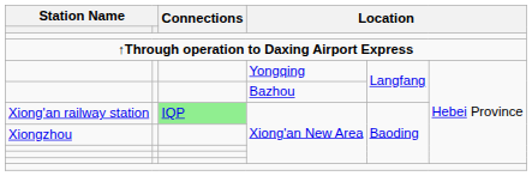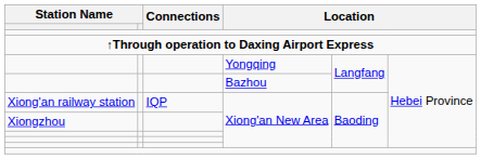 <table class="wikitable">
 <tr>
 <th colspan="2">Station Name</th>
 <th rowspan="2">Connections</th>
 <th colspan="3" rowspan="2">Location</th>
 </tr>
 <tr>
 <th></th>
 <th></th>
 </tr>
 <tr style="background:#">
 <td colspan = "9"></td>
 </tr>
 <tr>
 <td colspan = "9" align= "center"><strong>↑Through operation to Daxing Airport Express</strong></td>
 </tr>
 <tr>
 <td></td>
 <td></td>
 <td></td>
 <td><a href='#'>Yongqing</a></td>
 <td rowspan="2"><a href='#'>Langfang</a></td>
 <td rowspan="7"><a href='#'>Hebei</a> Province</td>
 </tr>
 <tr>
 <td></td>
 <td></td>
 <td></td>
 <td><a href='#'>Bazhou</a></td>
 </tr>
 <tr>
 <td><a href='#'>Xiong'an railway station</a></td>
 <td></td>
-<td style="background: lightgreen;"> <a href='#'>IQP</a></td>
+<td> <a href='#'>IQP</a></td>
 <td rowspan="5"><a href='#'>Xiong'an New Area</a></td>
 <td rowspan="5"><a href='#'>Baoding</a></td>
 </tr>
 <tr>
 <td><a href='#'>Xiongzhou</a></td>
 <td></td>
 <td></td>
 </tr>
 <tr>
 <td></td>
 <td></td>
 <td></td>
 </tr>
 <tr>
 <td></td>
 <td></td>
 <td></td>
 </tr>
 <tr>
 <td></td>
 <td></td>
 <td></td>
 </tr>
 <tr style="background:#">
 <td colspan = "9"></td>
 </tr>
 </table>
